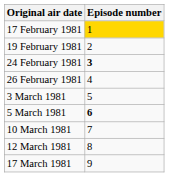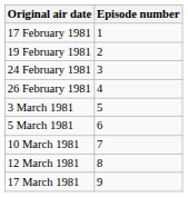 <table class="wikitable">
 <tr>
 <th>Original air date</th>
 <th>Episode number</th>
 </tr>
 <tr>
 <td>17 February 1981</td>
-<td style="background: gold;">1</td>
+<td>1</td>
 </tr>
 <tr>
 <td>19 February 1981</td>
 <td>2</td>
 </tr>
 <tr>
 <td>24 February 1981</td>
-<td><strong>3</strong></td>
+<td>3</td>
 </tr>
 <tr>
 <td>26 February 1981</td>
 <td>4</td>
 </tr>
 <tr>
 <td>3 March 1981</td>
 <td>5</td>
 </tr>
 <tr>
 <td>5 March 1981</td>
-<td><strong>6</strong></td>
+<td>6</td>
 </tr>
 <tr>
 <td>10 March 1981</td>
 <td>7</td>
 </tr>
 <tr>
 <td>12 March 1981</td>
 <td>8</td>
 </tr>
 <tr>
 <td>17 March 1981</td>
 <td>9</td>
 </tr>
 </table>
